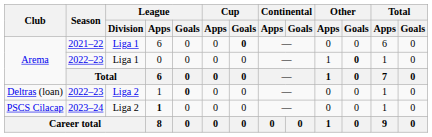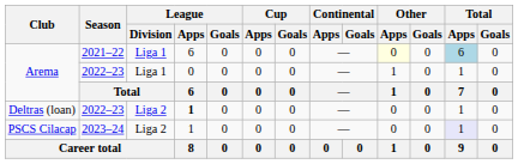 <table class="wikitable" style="text-align: center">
 <tr>
 <th rowspan="2">Club</th>
 <th rowspan="2">Season</th>
 <th colspan="3">League</th>
 <th colspan="2">Cup</th>
 <th colspan="2">Continental</th>
 <th colspan="2">Other</th>
 <th colspan="2">Total</th>
 </tr>
 <tr>
 <th>Division</th>
 <th>Apps</th>
 <th>Goals</th>
 <th>Apps</th>
 <th>Goals</th>
 <th>Apps</th>
 <th>Goals</th>
 <th>Apps</th>
 <th>Goals</th>
 <th>Apps</th>
 <th>Goals</th>
 </tr>
 <tr>
 <td rowspan="3"><a href='#'>Arema</a></td>
 <td><a href='#'>2021–22</a></td>
 <td rowspan="1" valign="center"><a href='#'>Liga 1</a></td>
 <td>6</td>
 <td>0</td>
 <td>0</td>
-<td><strong>0</strong></td>
+<td>0</td>
 <td colspan="2">—</td>
+<td style="background: lightyellow;">0</td>
 <td>0</td>
-<td>0</td>
-<td>6</td>
+<td style="background: lightblue;">6</td>
 <td>0</td>
 </tr>
 <tr>
 <td><a href='#'>2022–23</a></td>
 <td rowspan="1" valign="center">Liga 1</td>
 <td>0</td>
 <td>0</td>
 <td>0</td>
 <td>0</td>
 <td colspan="2">—</td>
 <td>1</td>
-<td><strong>0</strong></td>
+<td>0</td>
 <td>1</td>
 <td>0</td>
 </tr>
 <tr>
 <th colspan="2">Total</th>
 <th>6</th>
 <th>0</th>
 <th>0</th>
 <th>0</th>
 <th colspan="2">—</th>
 <th>1</th>
 <th>0</th>
 <th>7</th>
 <th>0</th>
 </tr>
 <tr>
 <td><a href='#'>Deltras</a> (loan)</td>
 <td><a href='#'>2022–23</a></td>
 <td rowspan="1" valign="center"><a href='#'>Liga 2</a></td>
-<td>1</td>
-<td><strong>0</strong></td>
+<td><strong>1</strong></td>
+<td>0</td>
 <td>0</td>
 <td>0</td>
 <td colspan="2">—</td>
 <td>0</td>
 <td>0</td>
 <td>1</td>
 <td>0</td>
 </tr>
 <tr>
 <td><a href='#'>PSCS Cilacap</a></td>
 <td><a href='#'>2023–24</a></td>
 <td rowspan="1" valign="center">Liga 2</td>
-<td><strong>1</strong></td>
+<td>1</td>
 <td>0</td>
 <td>0</td>
 <td>0</td>
 <td colspan="2">—</td>
 <td>0</td>
 <td>0</td>
-<td>1</td>
+<td style="background: lavender;">1</td>
 <td>0</td>
 </tr>
 <tr>
 <th colspan=3>Career total</th>
 <th>8</th>
 <th>0</th>
 <th>0</th>
 <th>0</th>
 <th>0</th>
 <th>0</th>
 <th>1</th>
 <th>0</th>
 <th>9</th>
 <th>0</th>
 </tr>
 </table>
